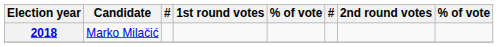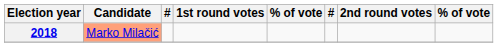 <table class="wikitable">
 <tr>
 <th>Election year</th>
 <th>Candidate</th>
 <th>#</th>
 <th>1st round votes</th>
 <th>% of vote</th>
 <th>#</th>
 <th>2nd round votes</th>
 <th>% of vote</th>
 </tr>
 <tr>
 <th><a href='#'>2018</a></th>
-<td><a href='#'>Marko Milačić</a></td>
+<td style="background: lightsalmon;"><a href='#'>Marko Milačić</a></td>
 <td></td>
 <td></td>
 <td></td>
 <td></td>
 <td></td>
 <td></td>
 </tr>
 <tr>
 </tr>
 </table>
